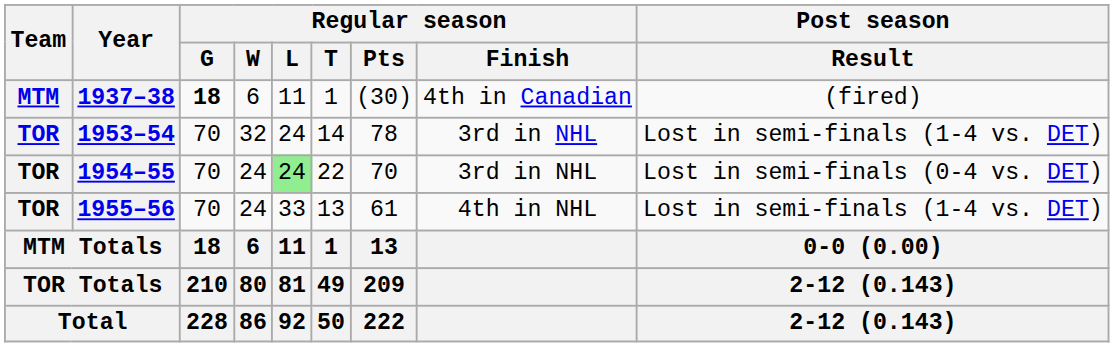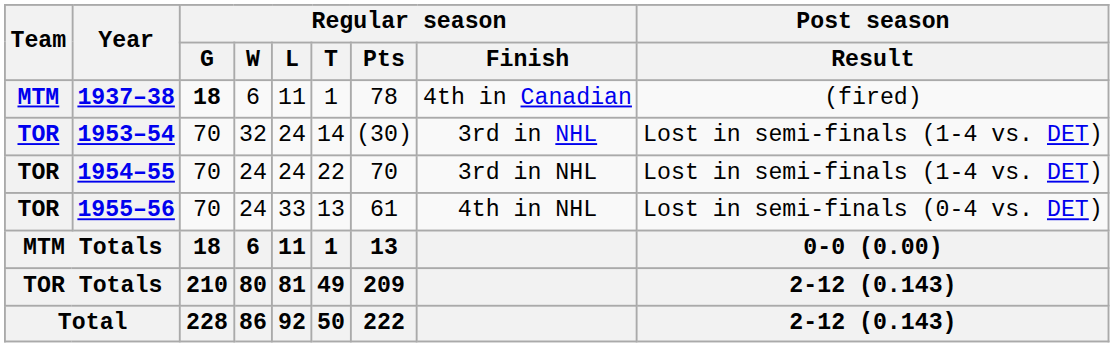 <table class="wikitable" style="font-size: 95%; text-align:center;">
 <tr>
 <th rowspan="2">Team</th>
 <th rowspan="2">Year</th>
 <th colspan="6">Regular season</th>
 <th colspan="1">Post season</th>
 </tr>
 <tr>
 <th>G</th>
 <th>W</th>
 <th>L</th>
 <th>T</th>
 <th>Pts</th>
 <th>Finish</th>
 <th>Result</th>
 </tr>
 <tr>
 <th><a href='#'>MTM</a></th>
 <th><a href='#'>1937–38</a></th>
 <td><strong>18</strong></td>
 <td>6</td>
 <td>11</td>
 <td>1</td>
-<td>(30)</td>
+<td>78</td>
 <td>4th in <a href='#'>Canadian</a></td>
 <td>(fired)</td>
 </tr>
 <tr>
 <th><a href='#'>TOR</a></th>
 <th><a href='#'>1953–54</a></th>
 <td>70</td>
 <td>32</td>
 <td>24</td>
 <td>14</td>
-<td>78</td>
+<td>(30)</td>
 <td>3rd in <a href='#'>NHL</a></td>
 <td>Lost in semi-finals (1-4 vs. <a href='#'>DET</a>)</td>
 </tr>
 <tr>
 <th>TOR</th>
 <th><a href='#'>1954–55</a></th>
 <td>70</td>
 <td>24</td>
-<td style="background: lightgreen;">24</td>
+<td>24</td>
 <td>22</td>
 <td>70</td>
 <td>3rd in NHL</td>
-<td>Lost in semi-finals (0-4 vs. <a href='#'>DET</a>)</td>
+<td>Lost in semi-finals (1-4 vs. <a href='#'>DET</a>)</td>
 </tr>
 <tr>
 <th>TOR</th>
 <th><a href='#'>1955–56</a></th>
 <td>70</td>
 <td>24</td>
 <td>33</td>
 <td>13</td>
 <td>61</td>
 <td>4th in NHL</td>
-<td>Lost in semi-finals (1-4 vs. <a href='#'>DET</a>)</td>
+<td>Lost in semi-finals (0-4 vs. <a href='#'>DET</a>)</td>
 </tr>
 <tr>
 <th colspan="2">MTM Totals</th>
 <th>18</th>
 <th>6</th>
 <th>11</th>
 <th>1</th>
 <th>13</th>
 <th></th>
 <th>0-0 (0.00)</th>
 </tr>
 <tr>
 <th colspan="2">TOR Totals</th>
 <th>210</th>
 <th>80</th>
 <th>81</th>
 <th>49</th>
 <th>209</th>
 <th></th>
 <th>2-12 (0.143)</th>
 </tr>
 <tr>
 <th colspan="2">Total</th>
 <th>228</th>
 <th>86</th>
 <th>92</th>
 <th>50</th>
 <th>222</th>
 <th></th>
 <th>2-12 (0.143)</th>
 </tr>
 </table>
